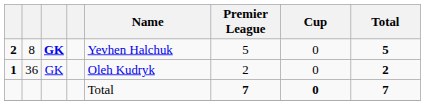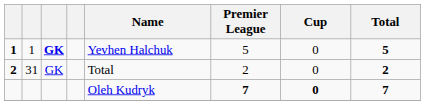 <table class="wikitable" style="text-align:center">
 <tr>
 <th width=15></th>
 <th width=15></th>
 <th width=15></th>
 <th width=15></th>
 <th width=150>Name</th>
 <th width=80><strong>Premier League</strong></th>
 <th width=80><strong>Cup</strong></th>
 <th width=80>Total</th>
 </tr>
 <tr>
-<td><strong>2</strong></td>
-<td>8</td>
+<td><strong>1</strong></td>
+<td>1</td>
 <td><strong><a href='#'>GK</a></strong></td>
 <td></td>
 <td align=left><a href='#'>Yevhen Halchuk</a></td>
 <td>5</td>
 <td>0</td>
 <td><strong>5</strong></td>
 </tr>
 <tr>
-<td><strong>1</strong></td>
-<td>36</td>
+<td><strong>2</strong></td>
+<td>31</td>
 <td><a href='#'>GK</a></td>
 <td></td>
-<td align=left><a href='#'>Oleh Kudryk</a></td>
+<td align=left>Total</td>
 <td>2</td>
 <td>0</td>
 <td><strong>2</strong></td>
 </tr>
 <tr>
 <td></td>
 <td></td>
 <td></td>
 <td></td>
-<td align=left>Total</td>
+<td align=left><a href='#'>Oleh Kudryk</a></td>
 <td><strong>7</strong></td>
 <td><strong>0</strong></td>
 <td><strong>7</strong></td>
 </tr>
 <tr>
 </tr>
 </table>
